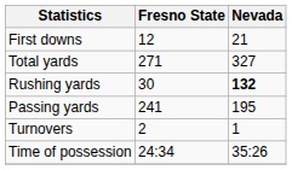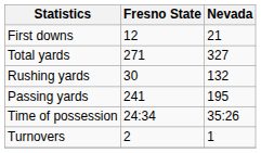 <table class="wikitable">
 <tr>
 <th>Statistics</th>
 <th>Fresno State</th>
 <th>Nevada</th>
 </tr>
 <tr>
 <td>First downs</td>
 <td>12</td>
 <td>21</td>
 </tr>
 <tr>
 <td>Total yards</td>
 <td>271</td>
 <td>327</td>
 </tr>
 <tr>
 <td>Rushing yards</td>
 <td>30</td>
-<td><strong>132</strong></td>
+<td>132</td>
 </tr>
 <tr>
 <td>Passing yards</td>
 <td>241</td>
 <td>195</td>
 </tr>
 <tr>
+<td>Time of possession</td>
+<td>24:34</td>
+<td>35:26</td>
+</tr>
+<tr>
 <td>Turnovers</td>
 <td>2</td>
 <td>1</td>
 </tr>
 <tr>
-<td>Time of possession</td>
-<td>24:34</td>
-<td>35:26</td>
-</tr>
-<tr>
 </tr>
 </table>
